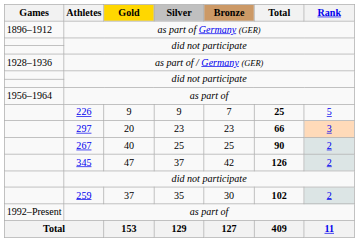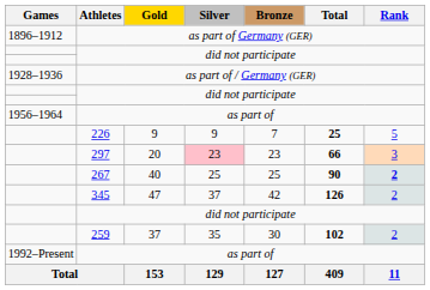 <table class="wikitable" style="text-align:center; font-size:90%;">
 <tr>
 <th>Games</th>
 <th>Athletes</th>
 <td style="background:gold; width:4.5em; font-weight:bold;">Gold</td>
 <td style="background:silver; width:4.5em; font-weight:bold;">Silver</td>
 <td style="background:#cc9966; width:4.5em; font-weight:bold;">Bronze</td>
 <th style="width:4.5em; font-weight:bold;">Total</th>
 <th style="width:4.5em; font-weight:bold;"><a href='#'>Rank</a></th>
 </tr>
 <tr>
 <td align=left>1896–1912</td>
 <td colspan=6><em>as part of  <a href='#'>Germany</a> <small>(GER)</small></em></td>
 </tr>
 <tr>
 <td align=left></td>
 <td colspan=6 rowspan=2><em>did not participate</em></td>
 </tr>
 <tr>
 <td align=left></td>
 </tr>
 <tr>
 <td align=left>1928–1936</td>
 <td colspan=6><em>as part of / <a href='#'>Germany</a> <small>(GER)</small></em></td>
 </tr>
 <tr>
 <td align=left></td>
 <td colspan=6 rowspan=2><em>did not participate</em></td>
 </tr>
 <tr>
 <td align=left></td>
 </tr>
 <tr>
 <td align=left>1956–1964</td>
 <td colspan=6><em>as part of </em></td>
 </tr>
 <tr>
 <td align=left></td>
 <td><a href='#'>226</a></td>
 <td>9</td>
 <td>9</td>
 <td>7</td>
 <td><strong>25</strong></td>
 <td><a href='#'>5</a></td>
 </tr>
 <tr>
 <td align=left></td>
 <td><a href='#'>297</a></td>
 <td>20</td>
-<td>23</td>
+<td style="background: pink;">23</td>
 <td>23</td>
 <td><strong>66</strong></td>
 <td bgcolor=ffdab9><a href='#'>3</a></td>
 </tr>
 <tr>
 <td align=left></td>
 <td><a href='#'>267</a></td>
 <td>40</td>
 <td>25</td>
 <td>25</td>
 <td><strong>90</strong></td>
-<td bgcolor=DCE5E5><a href='#'>2</a></td>
+<td bgcolor=DCE5E5><strong><a href='#'>2</a></strong></td>
 </tr>
 <tr>
 <td align=left></td>
 <td><a href='#'>345</a></td>
 <td>47</td>
 <td>37</td>
 <td>42</td>
 <td><strong>126</strong></td>
 <td bgcolor=DCE5E5><a href='#'>2</a></td>
 </tr>
 <tr>
 <td align=left></td>
 <td colspan=6;><em>did not participate</em></td>
 </tr>
 <tr>
 <td align=left></td>
 <td><a href='#'>259</a></td>
 <td>37</td>
 <td>35</td>
 <td>30</td>
 <td><strong>102</strong></td>
 <td bgcolor=DCE5E5><a href='#'>2</a></td>
 </tr>
 <tr>
 <td align=left>1992–Present</td>
 <td colspan=6><em>as part of </em></td>
 </tr>
 <tr>
 <th colspan=2>Total</th>
 <th>153</th>
 <th>129</th>
 <th>127</th>
 <th>409</th>
 <th><a href='#'>11</a></th>
 </tr>
 </table>
